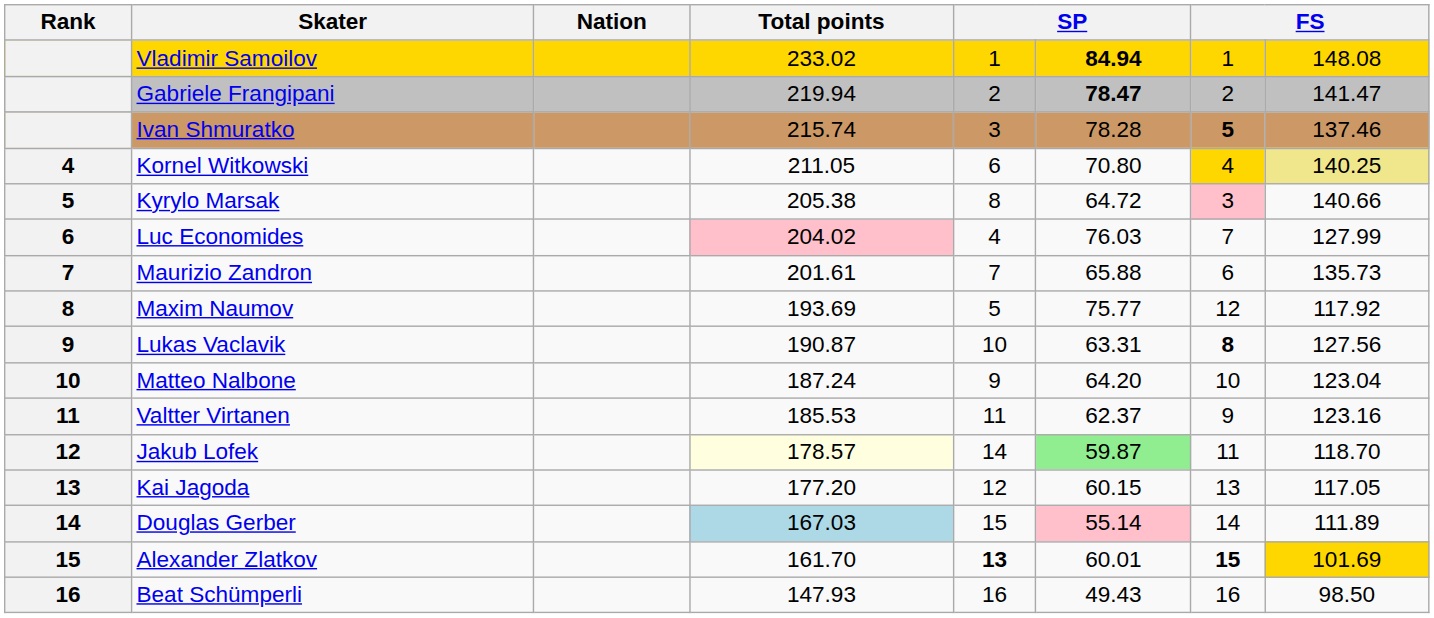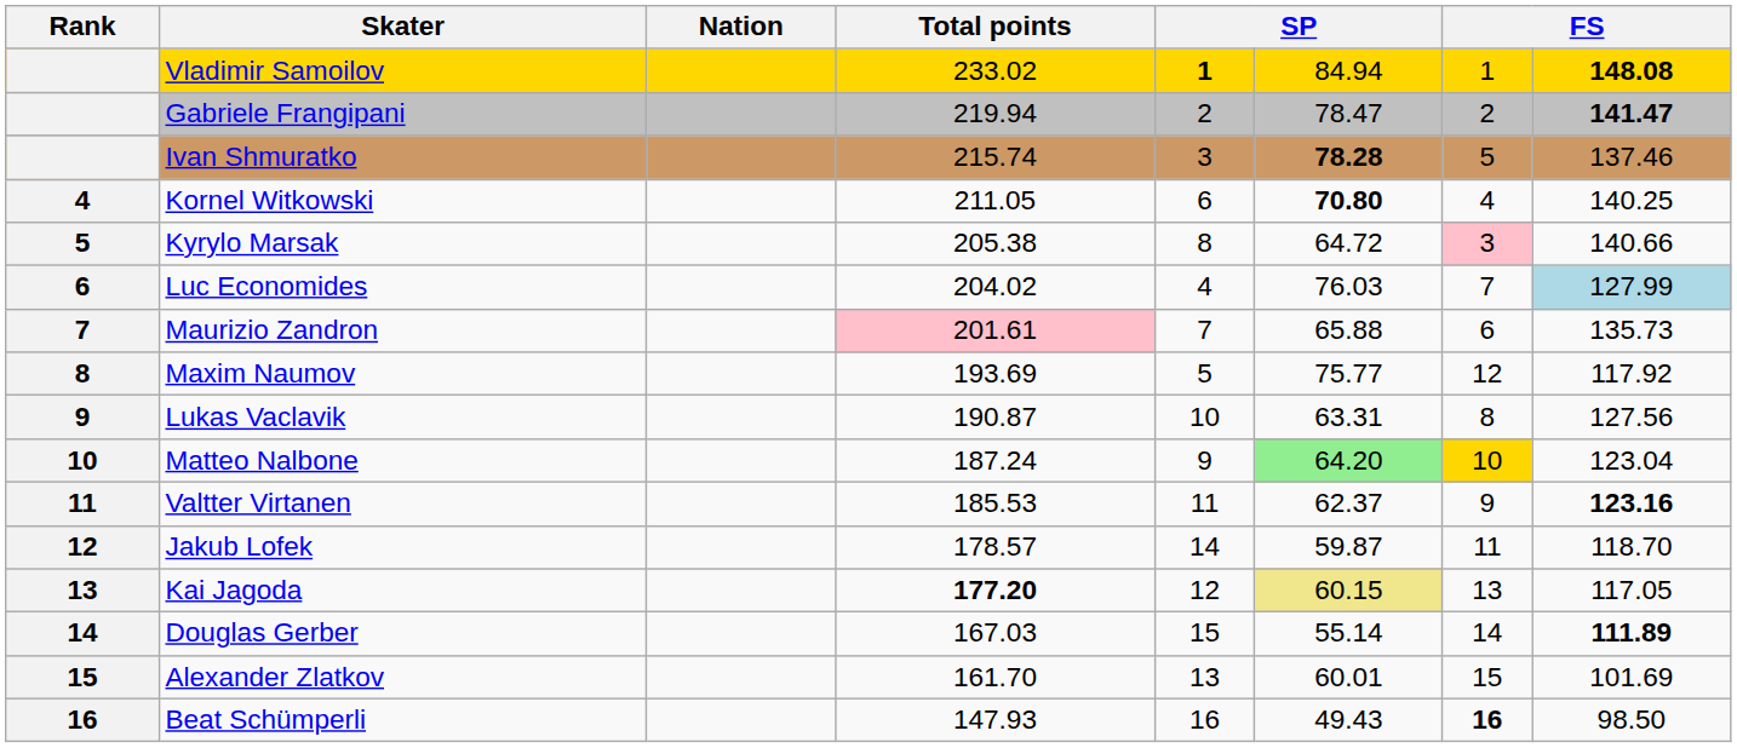 <table class="wikitable sortable" style="text-align:center;" width="80%">
 <tr>
 <th scope="col">Rank</th>
 <th scope="col">Skater</th>
 <th scope="col">Nation</th>
 <th scope="col">Total points</th>
 <th scope="col" colspan="2" width="80px"><a href='#'>SP</a></th>
 <th scope="col" colspan="2" width="80px"><a href='#'>FS</a></th>
 </tr>
 <tr bgcolor="gold">
 <th scope="row"></th>
 <td align="left"><a href='#'>Vladimir Samoilov</a></td>
 <td align="left"></td>
 <td>233.02</td>
+<td><strong>1</strong></td>
+<td>84.94</td>
 <td>1</td>
-<td><strong>84.94</strong></td>
-<td>1</td>
-<td>148.08</td>
+<td><strong>148.08</strong></td>
 </tr>
 <tr bgcolor="silver">
 <th scope="row"></th>
 <td align="left"><a href='#'>Gabriele Frangipani</a></td>
 <td align="left"></td>
 <td>219.94</td>
 <td>2</td>
-<td><strong>78.47</strong></td>
+<td>78.47</td>
 <td>2</td>
-<td>141.47</td>
+<td><strong>141.47</strong></td>
 </tr>
 <tr bgcolor="cc9966">
 <th scope="row"></th>
 <td align="left"><a href='#'>Ivan Shmuratko</a></td>
 <td align="left"></td>
 <td>215.74</td>
 <td>3</td>
-<td>78.28</td>
-<td><strong>5</strong></td>
+<td><strong>78.28</strong></td>
+<td>5</td>
 <td>137.46</td>
 </tr>
 <tr>
 <th scope="row">4</th>
 <td align="left"><a href='#'>Kornel Witkowski</a></td>
 <td align="left"></td>
 <td>211.05</td>
 <td>6</td>
-<td>70.80</td>
-<td style="background: gold;">4</td>
-<td style="background: khaki;">140.25</td>
+<td><strong>70.80</strong></td>
+<td>4</td>
+<td>140.25</td>
 </tr>
 <tr>
 <th scope="row">5</th>
 <td align="left"><a href='#'>Kyrylo Marsak</a></td>
 <td align="left"></td>
 <td>205.38</td>
 <td>8</td>
 <td>64.72</td>
 <td style="background: pink;">3</td>
 <td>140.66</td>
 </tr>
 <tr>
 <th scope="row">6</th>
 <td align="left"><a href='#'>Luc Economides</a></td>
 <td align="left"></td>
-<td style="background: pink;">204.02</td>
+<td>204.02</td>
 <td>4</td>
 <td>76.03</td>
 <td>7</td>
-<td>127.99</td>
+<td style="background: lightblue;">127.99</td>
 </tr>
 <tr>
 <th scope="row">7</th>
 <td align="left"><a href='#'>Maurizio Zandron</a></td>
 <td align="left"></td>
-<td>201.61</td>
+<td style="background: pink;">201.61</td>
 <td>7</td>
 <td>65.88</td>
 <td>6</td>
 <td>135.73</td>
 </tr>
 <tr>
 <th scope="row">8</th>
 <td align="left"><a href='#'>Maxim Naumov</a></td>
 <td align="left"></td>
 <td>193.69</td>
 <td>5</td>
 <td>75.77</td>
 <td>12</td>
 <td>117.92</td>
 </tr>
 <tr>
 <th scope="row">9</th>
 <td align="left"><a href='#'>Lukas Vaclavik</a></td>
 <td align="left"></td>
 <td>190.87</td>
 <td>10</td>
 <td>63.31</td>
-<td><strong>8</strong></td>
+<td>8</td>
 <td>127.56</td>
 </tr>
 <tr>
 <th scope="row">10</th>
 <td align="left"><a href='#'>Matteo Nalbone</a></td>
 <td align="left"></td>
 <td>187.24</td>
 <td>9</td>
-<td>64.20</td>
-<td>10</td>
+<td style="background: lightgreen;">64.20</td>
+<td style="background: gold;">10</td>
 <td>123.04</td>
 </tr>
 <tr>
 <th scope="row">11</th>
 <td align="left"><a href='#'>Valtter Virtanen</a></td>
 <td align="left"></td>
 <td>185.53</td>
 <td>11</td>
 <td>62.37</td>
 <td>9</td>
-<td>123.16</td>
+<td><strong>123.16</strong></td>
 </tr>
 <tr>
 <th scope="row">12</th>
 <td align="left"><a href='#'>Jakub Lofek</a></td>
 <td align="left"></td>
-<td style="background: lightyellow;">178.57</td>
+<td>178.57</td>
 <td>14</td>
-<td style="background: lightgreen;">59.87</td>
+<td>59.87</td>
 <td>11</td>
 <td>118.70</td>
 </tr>
 <tr>
 <th scope="row">13</th>
 <td align="left"><a href='#'>Kai Jagoda</a></td>
 <td align="left"></td>
-<td>177.20</td>
+<td><strong>177.20</strong></td>
 <td>12</td>
-<td>60.15</td>
+<td style="background: khaki;">60.15</td>
 <td>13</td>
 <td>117.05</td>
 </tr>
 <tr>
 <th scope="row">14</th>
 <td align="left"><a href='#'>Douglas Gerber</a></td>
 <td align="left"></td>
-<td style="background: lightblue;">167.03</td>
+<td>167.03</td>
 <td>15</td>
-<td style="background: pink;">55.14</td>
+<td>55.14</td>
 <td>14</td>
-<td>111.89</td>
+<td><strong>111.89</strong></td>
 </tr>
 <tr>
 <th scope="row">15</th>
 <td align="left"><a href='#'>Alexander Zlatkov</a></td>
 <td align="left"></td>
 <td>161.70</td>
-<td><strong>13</strong></td>
+<td>13</td>
 <td>60.01</td>
-<td><strong>15</strong></td>
-<td style="background: gold;">101.69</td>
+<td>15</td>
+<td>101.69</td>
 </tr>
 <tr>
 <th scope="row">16</th>
 <td align="left"><a href='#'>Beat Schümperli</a></td>
 <td align="left"></td>
 <td>147.93</td>
 <td>16</td>
 <td>49.43</td>
-<td>16</td>
+<td><strong>16</strong></td>
 <td>98.50</td>
 </tr>
 </table>
